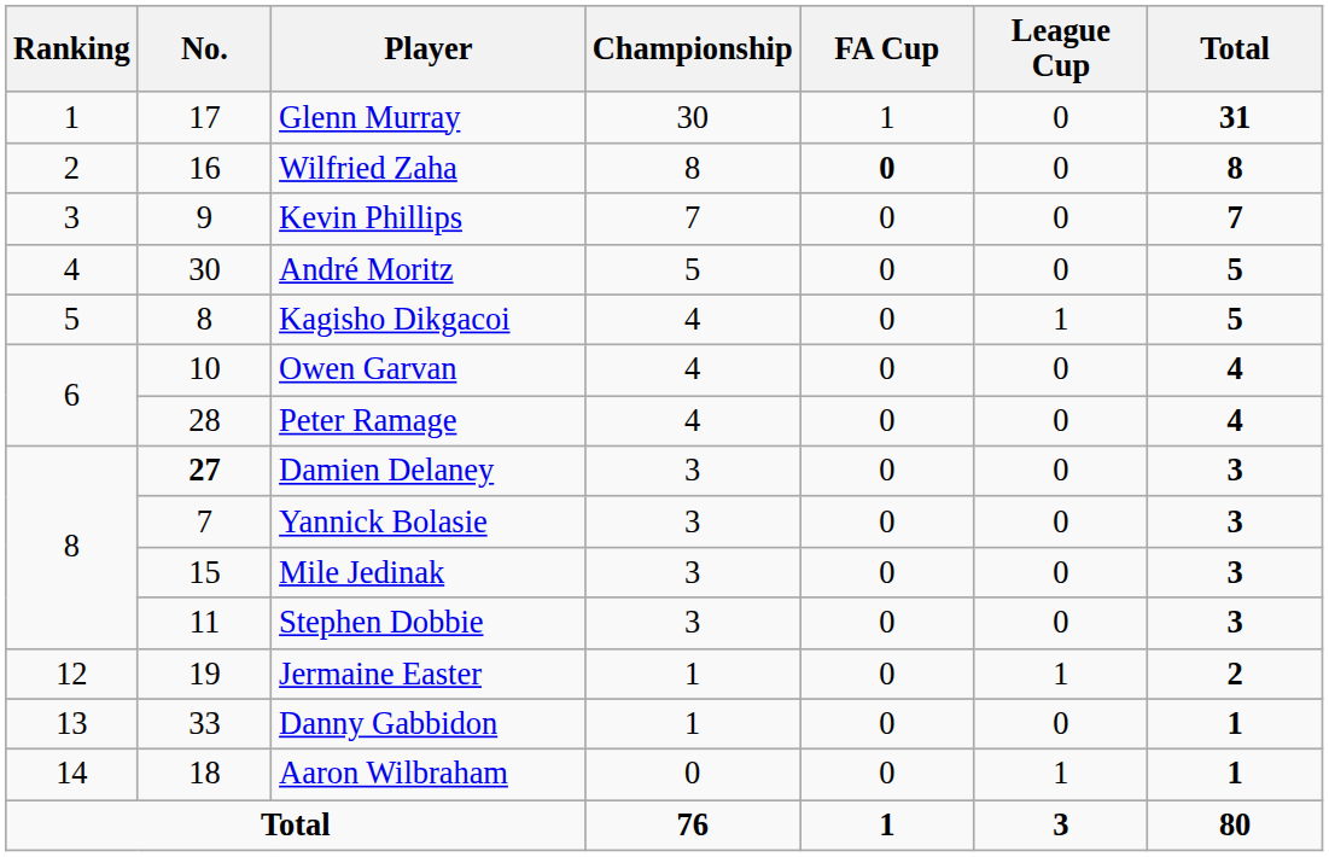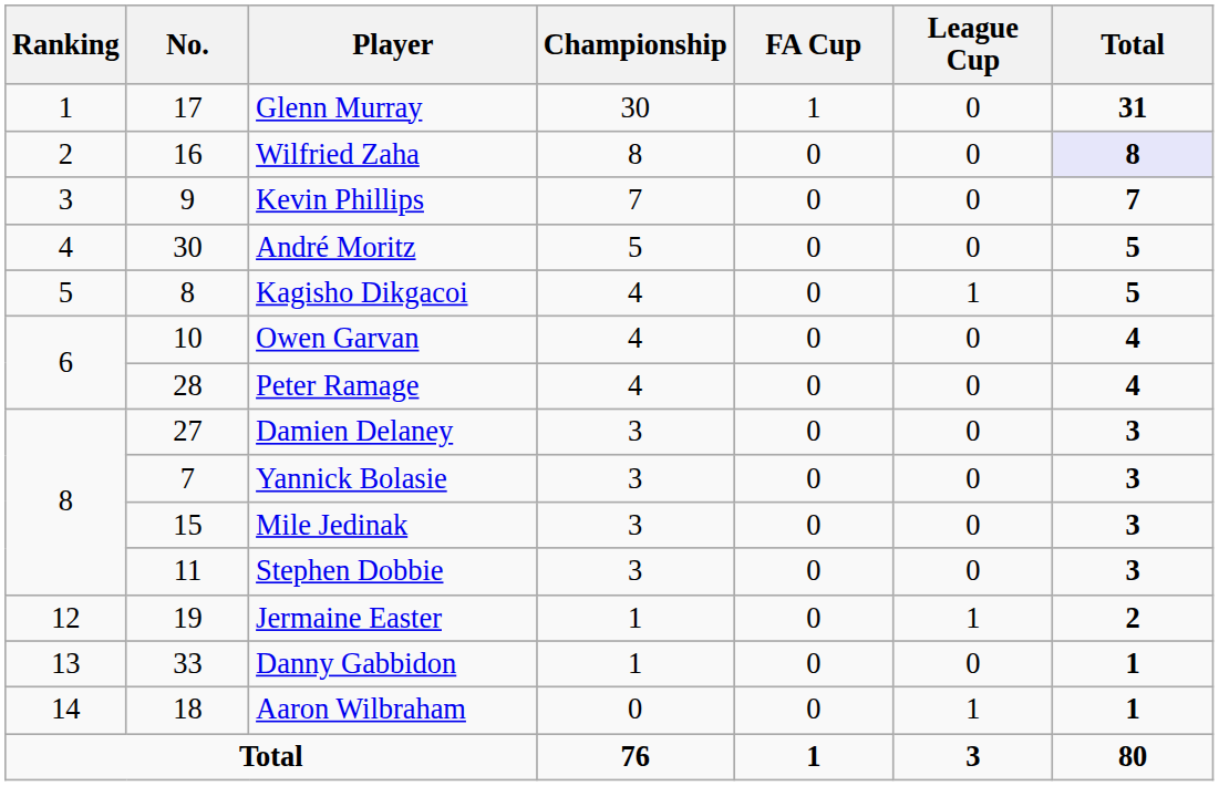 <table class="wikitable" style="text-align:center;">
 <tr>
 <th width=20>Ranking</th>
 <th width=60>No.</th>
 <th width=150>Player</th>
 <th width=80>Championship</th>
 <th width=80>FA Cup</th>
 <th width=80>League Cup</th>
 <th width=80>Total</th>
 </tr>
 <tr>
 <td>1</td>
 <td>17</td>
 <td align=left> <a href='#'>Glenn Murray</a></td>
 <td>30</td>
 <td>1</td>
 <td>0</td>
 <td><strong>31</strong></td>
 </tr>
 <tr>
 <td>2</td>
 <td>16</td>
 <td align=left> <a href='#'>Wilfried Zaha</a></td>
 <td>8</td>
-<td><strong>0</strong></td>
 <td>0</td>
-<td><strong>8</strong></td>
+<td>0</td>
+<td style="background: lavender;"><strong>8</strong></td>
 </tr>
 <tr>
 <td>3</td>
 <td>9</td>
 <td align=left> <a href='#'>Kevin Phillips</a></td>
 <td>7</td>
 <td>0</td>
 <td>0</td>
 <td><strong>7</strong></td>
 </tr>
 <tr>
 <td>4</td>
 <td>30</td>
 <td align=left> <a href='#'>André Moritz</a></td>
 <td>5</td>
 <td>0</td>
 <td>0</td>
 <td><strong>5</strong></td>
 </tr>
 <tr>
 <td>5</td>
 <td>8</td>
 <td align=left> <a href='#'>Kagisho Dikgacoi</a></td>
 <td>4</td>
 <td>0</td>
 <td>1</td>
 <td><strong>5</strong></td>
 </tr>
 <tr>
 <td rowspan=2>6</td>
 <td>10</td>
 <td align=left> <a href='#'>Owen Garvan</a></td>
 <td>4</td>
 <td>0</td>
 <td>0</td>
 <td><strong>4</strong></td>
 </tr>
 <tr>
 <td>28</td>
 <td align=left> <a href='#'>Peter Ramage</a></td>
 <td>4</td>
 <td>0</td>
 <td>0</td>
 <td><strong>4</strong></td>
 </tr>
 <tr>
 <td rowspan=4>8</td>
-<td><strong>27</strong></td>
+<td>27</td>
 <td align=left> <a href='#'>Damien Delaney</a></td>
 <td>3</td>
 <td>0</td>
 <td>0</td>
 <td><strong>3</strong></td>
 </tr>
 <tr>
 <td>7</td>
 <td align=left> <a href='#'>Yannick Bolasie</a></td>
 <td>3</td>
 <td>0</td>
 <td>0</td>
 <td><strong>3</strong></td>
 </tr>
 <tr>
 <td>15</td>
 <td align=left> <a href='#'>Mile Jedinak</a></td>
 <td>3</td>
 <td>0</td>
 <td>0</td>
 <td><strong>3</strong></td>
 </tr>
 <tr>
 <td>11</td>
 <td align=left> <a href='#'>Stephen Dobbie</a></td>
 <td>3</td>
 <td>0</td>
 <td>0</td>
 <td><strong>3</strong></td>
 </tr>
 <tr>
 <td>12</td>
 <td>19</td>
 <td align=left> <a href='#'>Jermaine Easter</a></td>
 <td>1</td>
 <td>0</td>
 <td>1</td>
 <td><strong>2</strong></td>
 </tr>
 <tr>
 <td>13</td>
 <td>33</td>
 <td align=left> <a href='#'>Danny Gabbidon</a></td>
 <td>1</td>
 <td>0</td>
 <td>0</td>
 <td><strong>1</strong></td>
 </tr>
 <tr>
 <td>14</td>
 <td>18</td>
 <td align=left> <a href='#'>Aaron Wilbraham</a></td>
 <td>0</td>
 <td>0</td>
 <td>1</td>
 <td><strong>1</strong></td>
 </tr>
 <tr>
 <td colspan="3" style="text-align:center;"><strong>Total</strong></td>
 <td><strong>76</strong></td>
 <td><strong>1</strong></td>
 <td><strong>3</strong></td>
 <td><strong>80</strong></td>
 </tr>
 </table>
